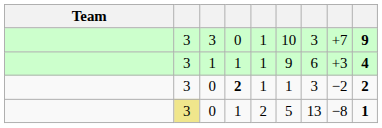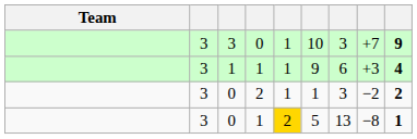 <table class="wikitable" style="text-align:center;">
 <tr>
 <th width=175>Team</th>
 <th width=20></th>
 <th width=20></th>
 <th width=20></th>
 <th width=20></th>
 <th width=20></th>
 <th width=20></th>
 <th width=20></th>
 <th width=20></th>
 </tr>
 <tr bgcolor=ccffcc>
 <td align="left"></td>
 <td>3</td>
 <td>3</td>
 <td>0</td>
 <td>1</td>
 <td>10</td>
 <td>3</td>
 <td>+7</td>
 <td><strong>9</strong></td>
 </tr>
 <tr bgcolor=ccffcc>
 <td align="left"></td>
 <td>3</td>
 <td>1</td>
 <td>1</td>
 <td>1</td>
 <td>9</td>
 <td>6</td>
 <td>+3</td>
 <td><strong>4</strong></td>
 </tr>
 <tr>
 <td align="left"></td>
 <td>3</td>
 <td>0</td>
-<td><strong>2</strong></td>
+<td>2</td>
 <td>1</td>
 <td>1</td>
 <td>3</td>
 <td>−2</td>
 <td><strong>2</strong></td>
 </tr>
 <tr>
 <td align="left"></td>
-<td style="background: khaki;">3</td>
+<td>3</td>
 <td>0</td>
 <td>1</td>
-<td>2</td>
+<td style="background: gold;">2</td>
 <td>5</td>
 <td>13</td>
 <td>−8</td>
 <td><strong>1</strong></td>
 </tr>
 </table>
